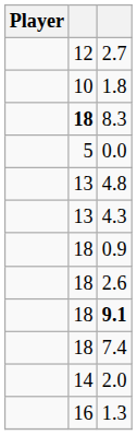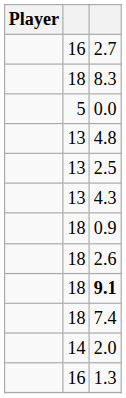 <table class="wikitable sortable" style="font-size:95%; text-align:right;">
 <tr>
 <th>Player</th>
 <th></th>
 <th></th>
 </tr>
 <tr>
 <td><strong></strong></td>
-<td>12</td>
+<td>16</td>
 <td>2.7</td>
 </tr>
 <tr>
 <td><strong></strong></td>
-<td>10</td>
-<td>1.8</td>
-</tr>
-<tr>
-<td><strong></strong></td>
-<td><strong>18</strong></td>
+<td>18</td>
 <td>8.3</td>
 </tr>
 <tr>
 <td><strong></strong></td>
 <td>5</td>
 <td>0.0</td>
 </tr>
 <tr>
 <td><strong></strong></td>
 <td>13</td>
 <td>4.8</td>
+</tr>
+<tr>
+<td><strong></strong></td>
+<td>13</td>
+<td>2.5</td>
 </tr>
 <tr>
 <td><strong></strong></td>
 <td>13</td>
 <td>4.3</td>
 </tr>
 <tr>
 <td><strong></strong></td>
 <td>18</td>
 <td>0.9</td>
 </tr>
 <tr>
 <td><strong></strong></td>
 <td>18</td>
 <td>2.6</td>
 </tr>
 <tr>
 <td><strong></strong></td>
 <td>18</td>
 <td><strong>9.1</strong></td>
 </tr>
 <tr>
 <td><strong></strong></td>
 <td>18</td>
 <td>7.4</td>
 </tr>
 <tr>
 <td><strong></strong></td>
 <td>14</td>
 <td>2.0</td>
 </tr>
 <tr>
 <td><strong></strong></td>
 <td>16</td>
 <td>1.3</td>
 </tr>
 <tr>
 </tr>
 </table>
